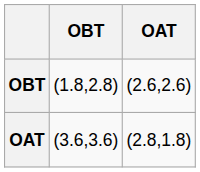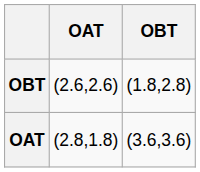 <table class="wikitable" style="text-align:center; width:150px; height:150px" border="1">
 <tr>
 <th></th>
+<th>OAT</th>
 <th>OBT</th>
-<th>OAT</th>
 </tr>
 <tr>
 <th>OBT</th>
+<td>(2.6,2.6)</td>
 <td>(1.8,2.8)</td>
-<td>(2.6,2.6)</td>
 </tr>
 <tr>
 <th>OAT</th>
+<td>(2.8,1.8)</td>
 <td>(3.6,3.6)</td>
-<td>(2.8,1.8)</td>
 </tr>
 </table>
